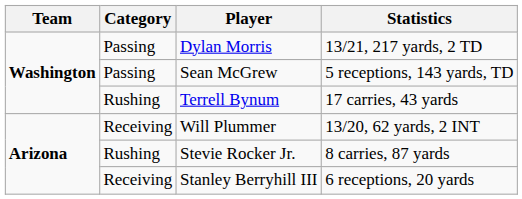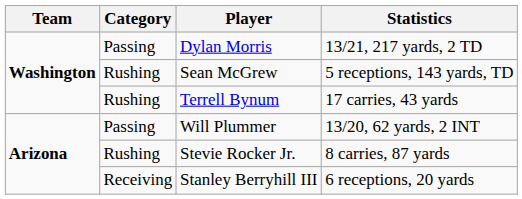 <table class="wikitable" style="float: right;">
 <tr>
 <th>Team</th>
 <th>Category</th>
 <th>Player</th>
 <th>Statistics</th>
 </tr>
 <tr>
 <td rowspan=3><strong>Washington</strong></td>
 <td>Passing</td>
 <td><a href='#'>Dylan Morris</a></td>
 <td>13/21, 217 yards, 2 TD</td>
 </tr>
 <tr>
-<td>Passing</td>
+<td>Rushing</td>
 <td>Sean McGrew</td>
 <td>5 receptions, 143 yards, TD</td>
 </tr>
 <tr>
 <td>Rushing</td>
 <td><a href='#'>Terrell Bynum</a></td>
 <td>17 carries, 43 yards</td>
 </tr>
 <tr>
 <td rowspan=3><strong>Arizona</strong></td>
-<td>Receiving</td>
+<td>Passing</td>
 <td>Will Plummer</td>
 <td>13/20, 62 yards, 2 INT</td>
 </tr>
 <tr>
 <td>Rushing</td>
 <td>Stevie Rocker Jr.</td>
 <td>8 carries, 87 yards</td>
 </tr>
 <tr>
 <td>Receiving</td>
 <td>Stanley Berryhill III</td>
 <td>6 receptions, 20 yards</td>
 </tr>
 </table>
